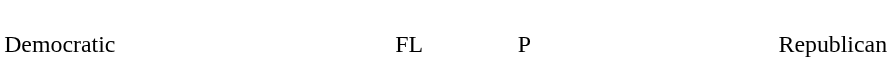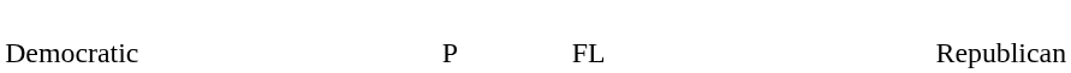 <table style="width:70%; text-align:center">
 <tr style="color:white">
 <td style="background:"><strong>322</strong></td>
+<td style="background:"><strong>7</strong></td>
 <td style="background:"><strong>3</strong></td>
-<td style="background:"><strong>7</strong></td>
 <td style="background:"><strong>103</strong></td>
 </tr>
 <tr>
 <td>Democratic</td>
+<td>P</td>
 <td>FL</td>
-<td>P</td>
 <td>Republican</td>
 </tr>
 </table>
